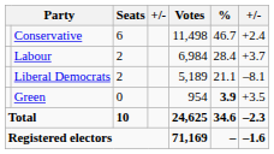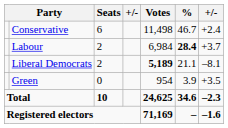 <table class="wikitable sortable">
 <tr>
 <th colspan="2">Party</th>
 <th>Seats</th>
 <th>+/-</th>
 <th>Votes</th>
 <th>%</th>
 <th>+/-</th>
 </tr>
 <tr>
 <td style="background-color: "></td>
 <td><a href='#'>Conservative</a></td>
 <td>6</td>
 <td></td>
 <td style="text-align:right;">11,498</td>
 <td style="text-align:right;">46.7</td>
 <td style="text-align:right;">+2.4</td>
 </tr>
 <tr>
 <td style="background-color: "></td>
 <td><a href='#'>Labour</a></td>
 <td>2</td>
 <td></td>
 <td style="text-align:right;">6,984</td>
-<td style="text-align:right;">28.4</td>
+<td style="text-align:right;"><strong>28.4</strong></td>
 <td style="text-align:right;">+3.7</td>
 </tr>
 <tr>
 <td style="background-color: "></td>
 <td><a href='#'>Liberal Democrats</a></td>
 <td>2</td>
 <td></td>
-<td style="text-align:right;">5,189</td>
+<td style="text-align:right;"><strong>5,189</strong></td>
 <td style="text-align:right;">21.1</td>
 <td style="text-align:right;">–8.1</td>
 </tr>
 <tr>
 <td style="background-color: "></td>
 <td><a href='#'>Green</a></td>
 <td>0</td>
 <td></td>
 <td style="text-align:right;">954</td>
-<td style="text-align:right;"><strong>3.9</strong></td>
+<td style="text-align:right;">3.9</td>
 <td style="text-align:right;">+3.5</td>
 </tr>
 <tr>
 <td colspan="2"><strong>Total</strong></td>
 <td><strong>10</strong></td>
 <td></td>
 <td style="text-align:right;"><strong>24,625</strong></td>
 <td style="text-align:right;"><strong>34.6</strong></td>
 <td style="text-align:right;"><strong>–2.3</strong></td>
 </tr>
 <tr>
 <td colspan="4"><strong>Registered electors</strong></td>
 <td style="text-align:right;"><strong>71,169</strong></td>
 <td style="text-align:right;"><strong>–</strong></td>
 <td style="text-align:right;"><strong>–1.6</strong></td>
 </tr>
 </table>
